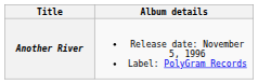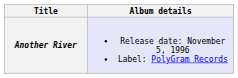 <table class="wikitable plainrowheaders" style="text-align:center;">
 <tr>
 <th style="width:10em;">Title</th>
 <th style="width:18em;">Album details</th>
 </tr>
 <tr>
 <th scope="row"><em>Another River</em></th>
-<td><br><ul><li>Release date: November 5, 1996</li><li>Label: <a href='#'>PolyGram Records</a></li></ul></td>
+<td style="background: lavender;"><br><ul><li>Release date: November 5, 1996</li><li>Label: <a href='#'>PolyGram Records</a></li></ul></td>
 </tr>
 </table>
